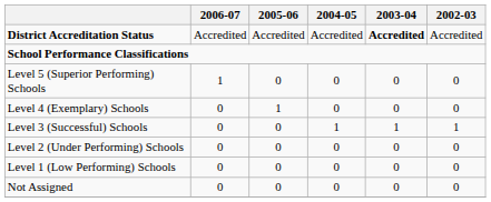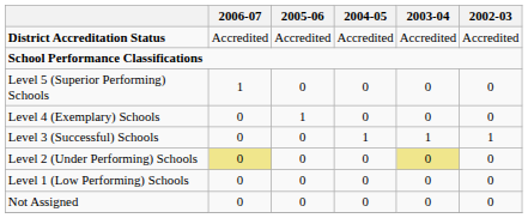 <table class="wikitable" style="font-size: 95%;">
 <tr>
 <th></th>
 <th>2006-07</th>
 <th>2005-06</th>
 <th>2004-05</th>
 <th>2003-04</th>
 <th>2002-03</th>
 </tr>
 <tr>
 <td align="left"><strong>District Accreditation Status</strong></td>
 <td align="center">Accredited</td>
 <td align="center">Accredited</td>
 <td align="center">Accredited</td>
-<td align="center"><strong>Accredited</strong></td>
+<td align="center">Accredited</td>
 <td align="center">Accredited</td>
 </tr>
 <tr>
 <td align="left" colspan="6"><strong>School Performance Classifications</strong></td>
 </tr>
 <tr>
 <td align="left">Level 5 (Superior Performing) Schools</td>
 <td align="center">1</td>
 <td align="center">0</td>
 <td align="center">0</td>
 <td align="center">0</td>
 <td align="center">0</td>
 </tr>
 <tr>
 <td align="left">Level 4 (Exemplary) Schools</td>
 <td align="center">0</td>
 <td align="center">1</td>
 <td align="center">0</td>
 <td align="center">0</td>
 <td align="center">0</td>
 </tr>
 <tr>
 <td align="left">Level 3 (Successful) Schools</td>
 <td align="center">0</td>
 <td align="center">0</td>
 <td align="center">1</td>
 <td align="center">1</td>
 <td align="center">1</td>
 </tr>
 <tr>
 <td align="left">Level 2 (Under Performing) Schools</td>
+<td align="center" style="background: khaki;">0</td>
 <td align="center">0</td>
 <td align="center">0</td>
-<td align="center">0</td>
-<td align="center">0</td>
+<td align="center" style="background: khaki;">0</td>
 <td align="center">0</td>
 </tr>
 <tr>
 <td align="left">Level 1 (Low Performing) Schools</td>
 <td align="center">0</td>
 <td align="center">0</td>
 <td align="center">0</td>
 <td align="center">0</td>
 <td align="center">0</td>
 </tr>
 <tr>
 <td align="left">Not Assigned</td>
 <td align="center">0</td>
 <td align="center">0</td>
 <td align="center">0</td>
 <td align="center">0</td>
 <td align="center">0</td>
 </tr>
 <tr>
 </tr>
 </table>
